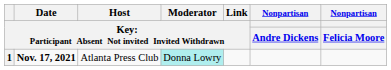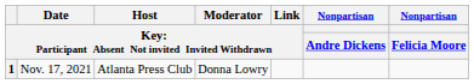 <table class="wikitable" style="text-align:center;">
 <tr>
 <th scope="col"></th>
 <th scope="col">Date</th>
 <th scope="col">Host</th>
 <th scope="col">Moderator</th>
 <th scope="col">Link</th>
 <th scope="col"><small><a href='#'>Nonpartisan</a></small></th>
 <th scope="col"><small><a href='#'>Nonpartisan</a></small></th>
 </tr>
 <tr>
 <th colspan="5" rowspan="2">Key:<br> <small>Participant </small>  <small>Absent </small>  <small>Not invited </small>  <small>Invited  Withdrawn</small></th>
 <th scope="col" style="background:"></th>
 <th scope="col" style="background:"></th>
 </tr>
 <tr>
 <th scope="col"><a href='#'>Andre Dickens</a></th>
 <th scope="col"><a href='#'>Felicia Moore</a></th>
 </tr>
 <tr>
 <th>1</th>
-<td style="white-space:nowrap;"><strong>Nov. 17, 2021</strong></td>
+<td style="white-space:nowrap;">Nov. 17, 2021</td>
 <td style="white-space:nowrap;">Atlanta Press Club</td>
-<td style="background: paleturquoise; white-space:nowrap;">Donna Lowry</td>
+<td style="white-space:nowrap;">Donna Lowry</td>
 <td style="white-space:nowrap;"></td>
 <td></td>
 <td></td>
 </tr>
 </table>
